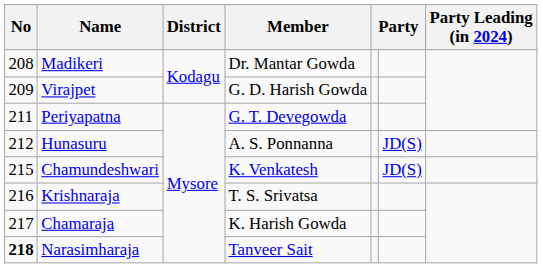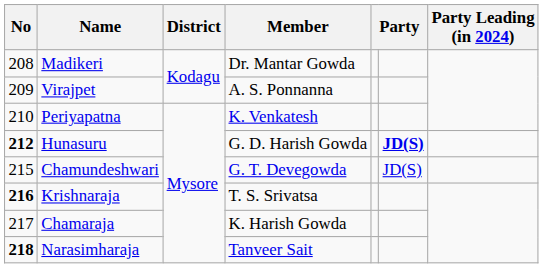 <table class="wikitable sortable">
 <tr>
 <th>No</th>
 <th>Name</th>
 <th>District</th>
 <th>Member</th>
 <th colspan="2">Party</th>
 <th colspan="2">Party Leading<br>(in <a href='#'>2024</a>)</th>
 </tr>
 <tr>
 <td>208</td>
 <td><a href='#'>Madikeri</a></td>
 <td rowspan="2"><a href='#'>Kodagu</a></td>
 <td>Dr. Mantar Gowda</td>
 <td></td>
 <td></td>
 </tr>
 <tr>
 <td>209</td>
 <td><a href='#'>Virajpet</a></td>
-<td>G. D. Harish Gowda</td>
+<td>A. S. Ponnanna</td>
 <td></td>
 <td></td>
 </tr>
 <tr>
-<td>211</td>
+<td>210</td>
 <td><a href='#'>Periyapatna</a></td>
 <td rowspan="6"><a href='#'>Mysore</a></td>
-<td><a href='#'>G. T. Devegowda</a></td>
+<td><a href='#'>K. Venkatesh</a></td>
 <td></td>
 <td></td>
 </tr>
 <tr>
-<td>212</td>
+<td><strong>212</strong></td>
 <td><a href='#'>Hunasuru</a></td>
-<td>A. S. Ponnanna</td>
+<td>G. D. Harish Gowda</td>
+<td style="background-color:"></td>
+<td><strong><a href='#'>JD(S)</a></strong></td>
+<td></td>
+</tr>
+<tr>
+<td>215</td>
+<td><a href='#'>Chamundeshwari</a></td>
+<td><a href='#'>G. T. Devegowda</a></td>
 <td style="background-color:"></td>
 <td><a href='#'>JD(S)</a></td>
 <td></td>
 </tr>
 <tr>
-<td>215</td>
-<td><a href='#'>Chamundeshwari</a></td>
-<td><a href='#'>K. Venkatesh</a></td>
-<td style="background-color:"></td>
-<td><a href='#'>JD(S)</a></td>
-<td></td>
-</tr>
-<tr>
-<td>216</td>
+<td><strong>216</strong></td>
 <td><a href='#'>Krishnaraja</a></td>
 <td>T. S. Srivatsa</td>
 <td></td>
 <td></td>
 </tr>
 <tr>
 <td>217</td>
 <td><a href='#'>Chamaraja</a></td>
 <td>K. Harish Gowda</td>
 <td></td>
 <td></td>
 </tr>
 <tr>
 <td><strong>218</strong></td>
 <td><a href='#'>Narasimharaja</a></td>
 <td><a href='#'>Tanveer Sait</a></td>
 <td></td>
 <td></td>
 </tr>
 </table>
